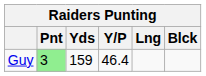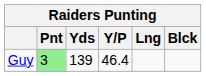 <table class="wikitable">
 <tr>
 <th colspan="6">Raiders Punting</th>
 </tr>
 <tr>
 <th></th>
 <th>Pnt</th>
 <th>Yds</th>
 <th>Y/P</th>
 <th>Lng</th>
 <th>Blck</th>
 </tr>
 <tr>
 <td><a href='#'>Guy</a></td>
 <td style="background: lightgreen;">3</td>
-<td>159</td>
+<td>139</td>
 <td>46.4</td>
 <td></td>
 <td></td>
 </tr>
 </table>
